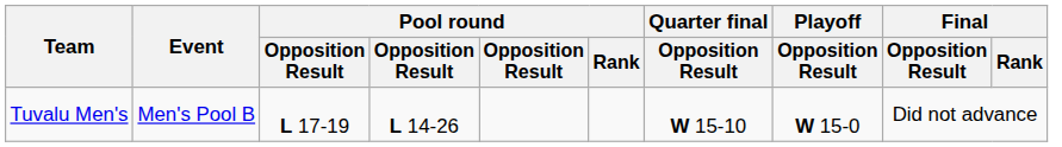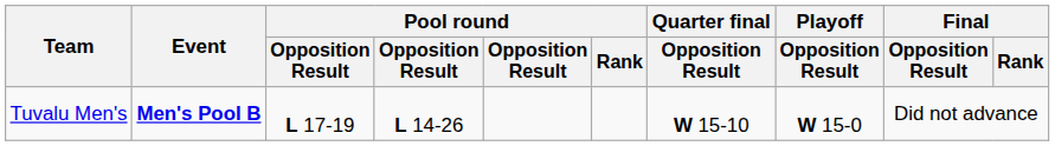 <table class=wikitable style=font-size:90%;text-align:center>
 <tr>
 <th rowspan=2>Team</th>
 <th rowspan=2>Event</th>
 <th colspan=4>Pool round</th>
 <th>Quarter final</th>
 <th>Playoff</th>
 <th colspan=2>Final</th>
 </tr>
 <tr style=font-size:95%>
 <th>Opposition<br>Result</th>
 <th>Opposition<br>Result</th>
 <th>Opposition<br>Result</th>
 <th>Rank</th>
 <th>Opposition<br>Result</th>
 <th>Opposition<br>Result</th>
 <th>Opposition<br>Result</th>
 <th>Rank</th>
 </tr>
 <tr>
 <td align=left><a href='#'>Tuvalu Men's</a></td>
-<td align=left><a href='#'>Men's Pool B</a></td>
+<td align=left><strong><a href='#'>Men's Pool B</a></strong></td>
 <td><br><strong>L</strong> 17-19</td>
 <td><br><strong>L</strong> 14-26</td>
 <td></td>
 <td></td>
 <td><br><strong>W</strong> 15-10</td>
 <td><br><strong>W</strong> 15-0</td>
 <td align=center colspan=2>Did not advance</td>
 </tr>
 </table>
